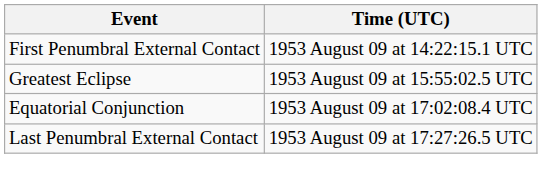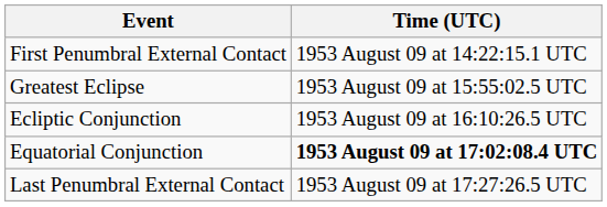 <table class="wikitable">
 <tr>
 <th>Event</th>
 <th>Time (UTC)</th>
 </tr>
 <tr>
 <td>First Penumbral External Contact</td>
 <td>1953 August 09 at 14:22:15.1 UTC</td>
 </tr>
 <tr>
 <td>Greatest Eclipse</td>
 <td>1953 August 09 at 15:55:02.5 UTC</td>
 </tr>
 <tr>
+<td>Ecliptic Conjunction</td>
+<td>1953 August 09 at 16:10:26.5 UTC</td>
+</tr>
+<tr>
 <td>Equatorial Conjunction</td>
-<td>1953 August 09 at 17:02:08.4 UTC</td>
+<td><strong>1953 August 09 at 17:02:08.4 UTC</strong></td>
 </tr>
 <tr>
 <td>Last Penumbral External Contact</td>
 <td>1953 August 09 at 17:27:26.5 UTC</td>
 </tr>
 </table>
